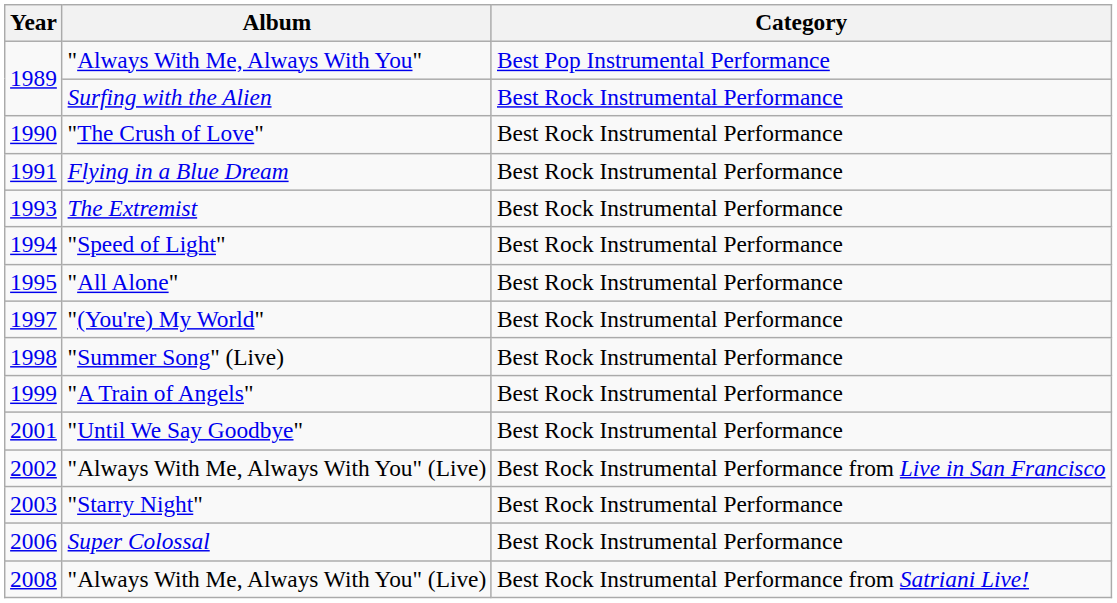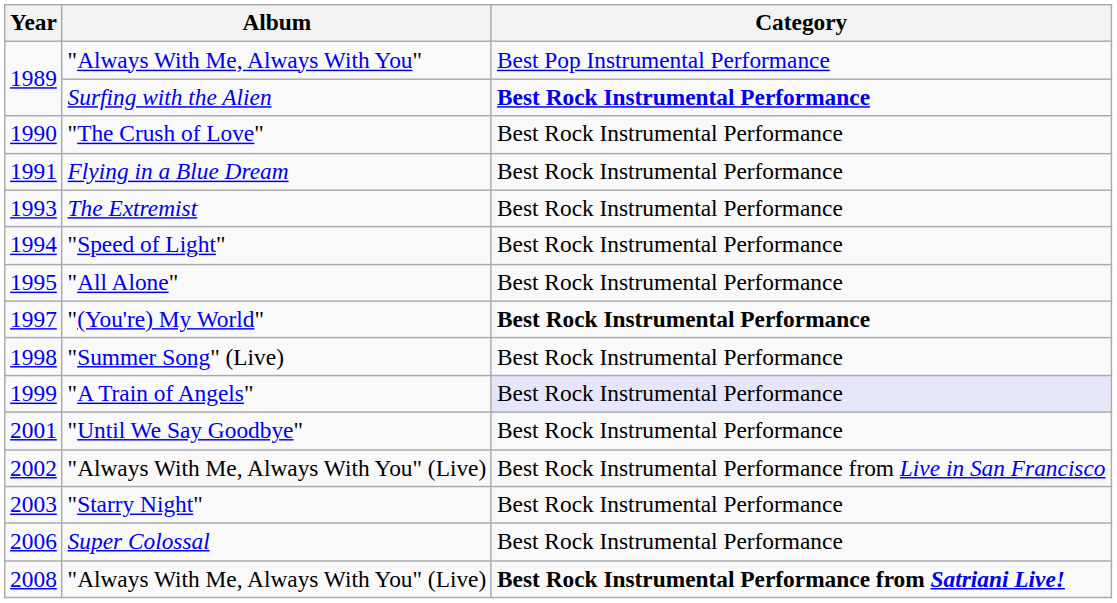 <table class="wikitable">
 <tr>
 <th>Year</th>
 <th>Album</th>
 <th>Category</th>
 </tr>
 <tr>
 <td rowspan=2><a href='#'>1989</a></td>
 <td>"<a href='#'>Always With Me, Always With You</a>"</td>
 <td><a href='#'>Best Pop Instrumental Performance</a></td>
 </tr>
 <tr>
 <td><em><a href='#'>Surfing with the Alien</a></em></td>
-<td><a href='#'>Best Rock Instrumental Performance</a></td>
+<td><strong><a href='#'>Best Rock Instrumental Performance</a></strong></td>
 </tr>
 <tr>
 <td><a href='#'>1990</a></td>
 <td>"<a href='#'>The Crush of Love</a>"</td>
 <td>Best Rock Instrumental Performance</td>
 </tr>
 <tr>
 <td><a href='#'>1991</a></td>
 <td><em><a href='#'>Flying in a Blue Dream</a></em></td>
 <td>Best Rock Instrumental Performance</td>
 </tr>
 <tr>
 <td><a href='#'>1993</a></td>
 <td><em><a href='#'>The Extremist</a></em></td>
 <td>Best Rock Instrumental Performance</td>
 </tr>
 <tr>
 <td><a href='#'>1994</a></td>
 <td>"<a href='#'>Speed of Light</a>"</td>
 <td>Best Rock Instrumental Performance</td>
 </tr>
 <tr>
 <td><a href='#'>1995</a></td>
 <td>"<a href='#'>All Alone</a>"</td>
 <td>Best Rock Instrumental Performance</td>
 </tr>
 <tr>
 <td><a href='#'>1997</a></td>
 <td>"<a href='#'>(You're) My World</a>"</td>
-<td>Best Rock Instrumental Performance</td>
+<td><strong>Best Rock Instrumental Performance</strong></td>
 </tr>
 <tr>
 <td><a href='#'>1998</a></td>
 <td>"<a href='#'>Summer Song</a>" (Live)</td>
 <td>Best Rock Instrumental Performance</td>
 </tr>
 <tr>
 <td><a href='#'>1999</a></td>
 <td>"<a href='#'>A Train of Angels</a>"</td>
-<td>Best Rock Instrumental Performance</td>
+<td style="background: lavender;">Best Rock Instrumental Performance</td>
 </tr>
 <tr>
 <td><a href='#'>2001</a></td>
 <td>"<a href='#'>Until We Say Goodbye</a>"</td>
 <td>Best Rock Instrumental Performance</td>
 </tr>
 <tr>
 <td><a href='#'>2002</a></td>
 <td>"Always With Me, Always With You" (Live)</td>
 <td>Best Rock Instrumental Performance from <em><a href='#'>Live in San Francisco</a></em></td>
 </tr>
 <tr>
 <td><a href='#'>2003</a></td>
 <td>"<a href='#'>Starry Night</a>"</td>
 <td>Best Rock Instrumental Performance</td>
 </tr>
 <tr>
 <td><a href='#'>2006</a></td>
 <td><em><a href='#'>Super Colossal</a></em></td>
 <td>Best Rock Instrumental Performance</td>
 </tr>
 <tr>
 <td><a href='#'>2008</a></td>
 <td>"Always With Me, Always With You" (Live)</td>
-<td>Best Rock Instrumental Performance from <em><a href='#'>Satriani Live!</a></em></td>
+<td><strong>Best Rock Instrumental Performance from <em><a href='#'>Satriani Live!</a></em></strong></td>
 </tr>
 </table>
